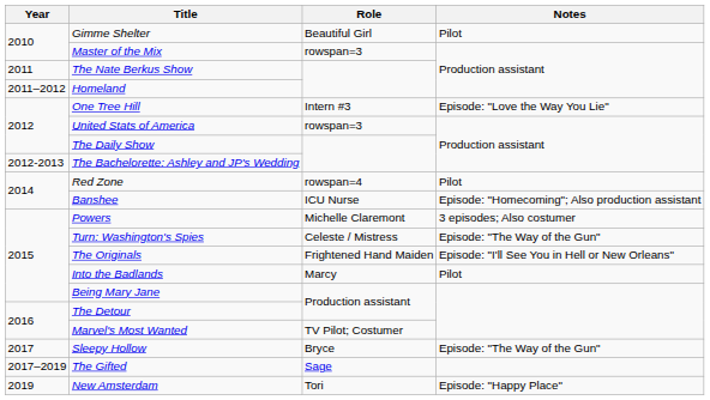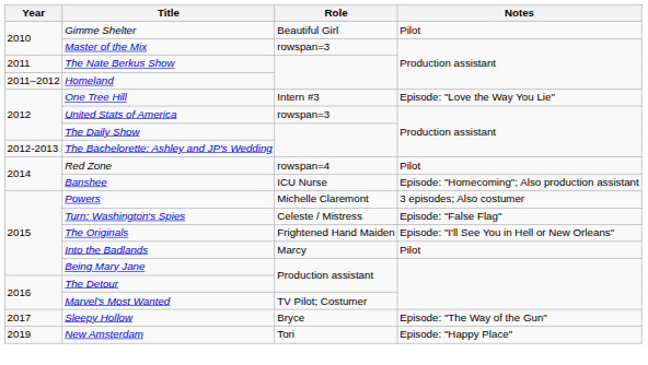 <table class="wikitable sortable">
 <tr>
 <th>Year</th>
 <th>Title</th>
 <th>Role</th>
 <th class="unsortable">Notes</th>
 </tr>
 <tr>
 <td rowspan="2">2010</td>
 <td><em>Gimme Shelter</em></td>
 <td>Beautiful Girl</td>
 <td>Pilot</td>
 </tr>
 <tr>
 <td><em><a href='#'>Master of the Mix</a></em></td>
 <td>rowspan=3 </td>
 <td rowspan=3>Production assistant</td>
 </tr>
 <tr>
 <td>2011</td>
 <td><em><a href='#'>The Nate Berkus Show</a></em></td>
 </tr>
 <tr>
 <td>2011–2012</td>
 <td><em><a href='#'>Homeland</a></em></td>
 </tr>
 <tr>
 <td rowspan="3">2012</td>
 <td><em><a href='#'>One Tree Hill</a></em></td>
 <td>Intern #3</td>
 <td>Episode: "Love the Way You Lie"</td>
 </tr>
 <tr>
 <td><em><a href='#'>United Stats of America</a></em></td>
 <td>rowspan=3 </td>
 <td rowspan=3>Production assistant</td>
 </tr>
 <tr>
 <td><em><a href='#'>The Daily Show</a></em></td>
 </tr>
 <tr>
 <td>2012-2013</td>
 <td><em><a href='#'>The Bachelorette: Ashley and JP's Wedding</a></em></td>
 </tr>
 <tr>
 <td rowspan="2">2014</td>
 <td><em>Red Zone</em></td>
 <td>rowspan=4 </td>
 <td>Pilot</td>
 </tr>
 <tr>
 <td><em><a href='#'>Banshee</a></em></td>
 <td>ICU Nurse</td>
 <td>Episode: "Homecoming"; Also production assistant</td>
 </tr>
 <tr>
 <td rowspan="5">2015</td>
 <td><em><a href='#'>Powers</a></em></td>
 <td>Michelle Claremont</td>
 <td>3 episodes; Also costumer</td>
 </tr>
 <tr>
 <td><em><a href='#'>Turn: Washington's Spies</a></em></td>
 <td>Celeste / Mistress</td>
-<td>Episode: "The Way of the Gun"</td>
+<td>Episode: "False Flag"</td>
 </tr>
 <tr>
 <td><em><a href='#'>The Originals</a></em></td>
 <td>Frightened Hand Maiden</td>
 <td>Episode: "I'll See You in Hell or New Orleans"</td>
 </tr>
 <tr>
 <td><em><a href='#'>Into the Badlands</a></em></td>
 <td>Marcy</td>
 <td>Pilot</td>
 </tr>
 <tr>
 <td><em><a href='#'>Being Mary Jane</a></em></td>
 <td rowspan=2>Production assistant</td>
 </tr>
 <tr>
 <td rowspan="2">2016</td>
 <td><em><a href='#'>The Detour</a></em></td>
 </tr>
 <tr>
 <td><em><a href='#'>Marvel's Most Wanted</a></em></td>
 <td>TV Pilot; Costumer</td>
 </tr>
 <tr>
 <td>2017</td>
 <td><em><a href='#'>Sleepy Hollow</a></em></td>
 <td>Bryce</td>
 <td>Episode: "The Way of the Gun"</td>
 </tr>
 <tr>
-<td>2017–2019</td>
-<td><em><a href='#'>The Gifted</a></em></td>
-<td><a href='#'>Sage</a></td>
-<td></td>
-</tr>
-<tr>
 <td>2019</td>
 <td><em><a href='#'>New Amsterdam</a></em></td>
 <td>Tori</td>
 <td>Episode: "Happy Place"</td>
 </tr>
 </table>
